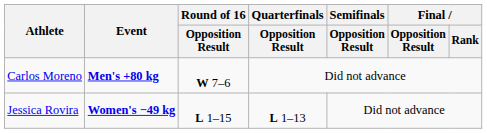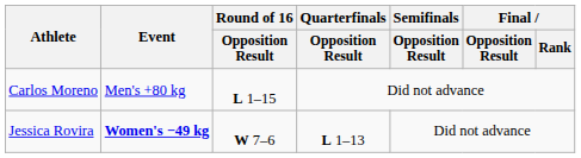 <table class="wikitable" style="font-size:90%">
 <tr>
 <th rowspan="2">Athlete</th>
 <th rowspan="2">Event</th>
 <th>Round of 16</th>
 <th>Quarterfinals</th>
 <th>Semifinals</th>
 <th colspan=2>Final / </th>
 </tr>
 <tr style="font-size:95%">
 <th>Opposition<br>Result</th>
 <th>Opposition<br>Result</th>
 <th>Opposition<br>Result</th>
 <th>Opposition<br>Result</th>
 <th>Rank</th>
 </tr>
 <tr align=center>
 <td align=left><a href='#'>Carlos Moreno</a></td>
-<td align=left><strong><a href='#'>Men's +80 kg</a></strong></td>
-<td><br><strong>W</strong> 7–6</td>
+<td align=left><a href='#'>Men's +80 kg</a></td>
+<td><br><strong>L</strong> 1–15 </td>
 <td colspan=6>Did not advance</td>
 </tr>
 <tr align=center>
 <td align=left><a href='#'>Jessica Rovira</a></td>
 <td align=left><strong><a href='#'>Women's −49 kg</a></strong></td>
-<td><br><strong>L</strong> 1–15 </td>
+<td><br><strong>W</strong> 7–6</td>
 <td><br><strong>L</strong> 1–13</td>
 <td colspan=3>Did not advance</td>
 </tr>
 </table>
